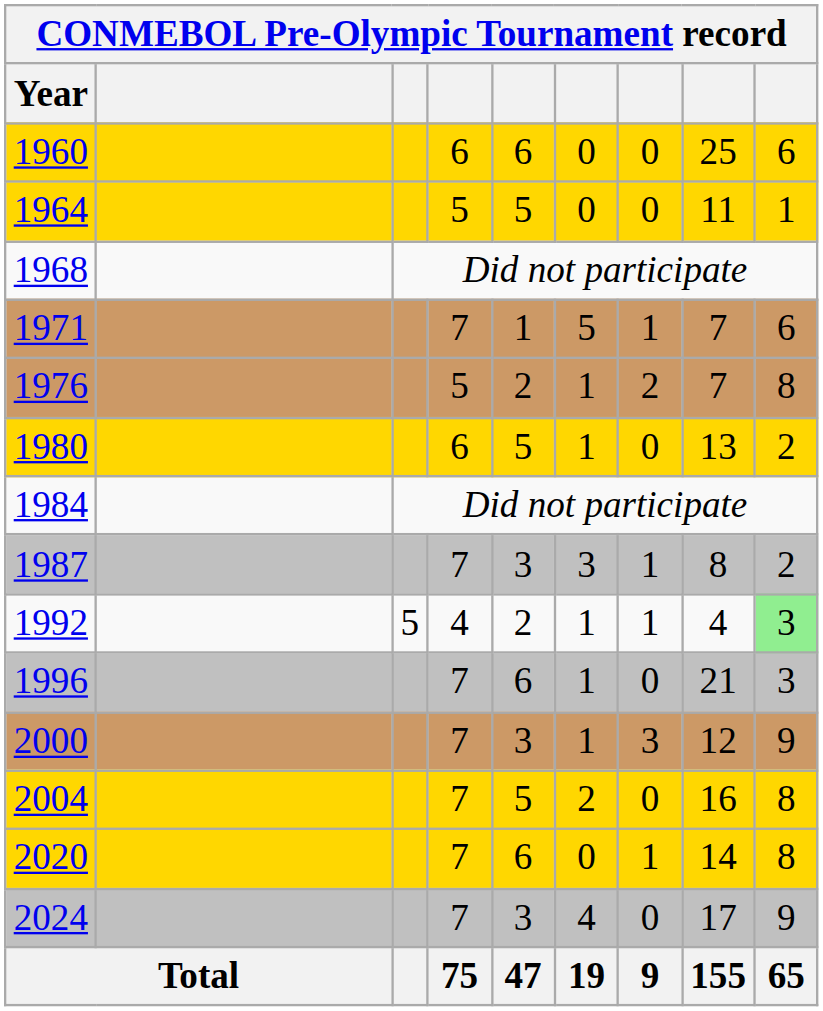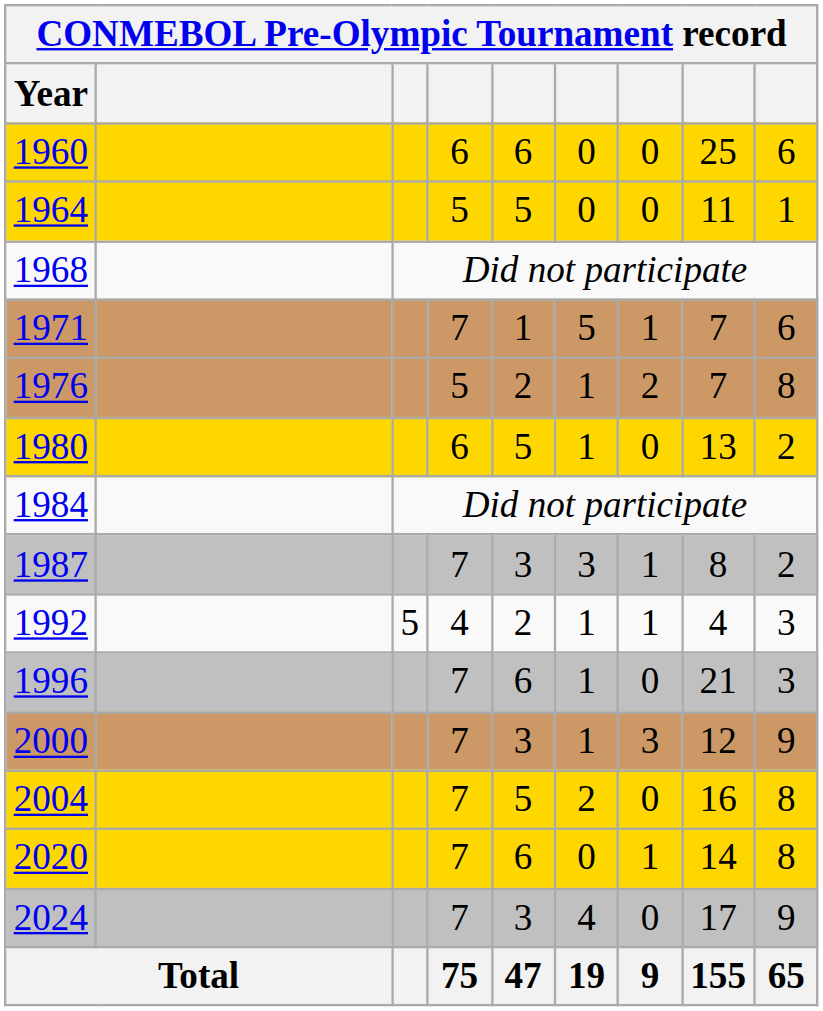 <table class="wikitable" style="text-align: center;">
 <tr>
 <th colspan=9><a href='#'>CONMEBOL Pre-Olympic Tournament</a> record</th>
 </tr>
 <tr>
 <th width=>Year</th>
 <th width=120px></th>
 <th width=></th>
 <th width=20px></th>
 <th width=20px></th>
 <th width=20px></th>
 <th width=20px></th>
 <th width=20px></th>
 <th width=20px></th>
 </tr>
 <tr bgcolor= gold>
 <td><a href='#'>1960</a></td>
 <td></td>
 <td></td>
 <td>6</td>
 <td>6</td>
 <td>0</td>
 <td>0</td>
 <td>25</td>
 <td>6</td>
 </tr>
 <tr bgcolor= gold>
 <td><a href='#'>1964</a></td>
 <td></td>
 <td></td>
 <td>5</td>
 <td>5</td>
 <td>0</td>
 <td>0</td>
 <td>11</td>
 <td>1</td>
 </tr>
 <tr>
 <td><a href='#'>1968</a></td>
 <td></td>
 <td colspan=7><em>Did not participate</em></td>
 </tr>
 <tr bgcolor = #c96>
 <td><a href='#'>1971</a></td>
 <td></td>
 <td></td>
 <td>7</td>
 <td>1</td>
 <td>5</td>
 <td>1</td>
 <td>7</td>
 <td>6</td>
 </tr>
 <tr bgcolor = #c96>
 <td><a href='#'>1976</a></td>
 <td></td>
 <td></td>
 <td>5</td>
 <td>2</td>
 <td>1</td>
 <td>2</td>
 <td>7</td>
 <td>8</td>
 </tr>
 <tr bgcolor=gold>
 <td><a href='#'>1980</a></td>
 <td></td>
 <td></td>
 <td>6</td>
 <td>5</td>
 <td>1</td>
 <td>0</td>
 <td>13</td>
 <td>2</td>
 </tr>
 <tr>
 <td><a href='#'>1984</a></td>
 <td align=left></td>
 <td colspan=7><em>Did not participate</em></td>
 </tr>
 <tr bgcolor= silver>
 <td><a href='#'>1987</a></td>
 <td align=left></td>
 <td></td>
 <td>7</td>
 <td>3</td>
 <td>3</td>
 <td>1</td>
 <td>8</td>
 <td>2</td>
 </tr>
 <tr>
 <td><a href='#'>1992</a></td>
 <td align=left></td>
 <td>5</td>
 <td>4</td>
 <td>2</td>
 <td>1</td>
 <td>1</td>
 <td>4</td>
-<td style="background: lightgreen;">3</td>
+<td>3</td>
 </tr>
 <tr style="background:Silver;">
 <td><a href='#'>1996</a></td>
 <td align=left></td>
 <td></td>
 <td>7</td>
 <td>6</td>
 <td>1</td>
 <td>0</td>
 <td>21</td>
 <td>3</td>
 </tr>
 <tr style="background:#c96;">
 <td><a href='#'>2000</a></td>
 <td align=left></td>
 <td></td>
 <td>7</td>
 <td>3</td>
 <td>1</td>
 <td>3</td>
 <td>12</td>
 <td>9</td>
 </tr>
 <tr style="background:Gold;">
 <td><a href='#'>2004</a></td>
 <td align=left></td>
 <td></td>
 <td>7</td>
 <td>5</td>
 <td>2</td>
 <td>0</td>
 <td>16</td>
 <td>8</td>
 </tr>
 <tr style="background:Gold;">
 <td><a href='#'>2020</a></td>
 <td align=left></td>
 <td></td>
 <td>7</td>
 <td>6</td>
 <td>0</td>
 <td>1</td>
 <td>14</td>
 <td>8</td>
 </tr>
 <tr style="background:Silver;">
 <td><a href='#'>2024</a></td>
 <td align=left></td>
 <td></td>
 <td>7</td>
 <td>3</td>
 <td>4</td>
 <td>0</td>
 <td>17</td>
 <td>9</td>
 </tr>
 <tr>
 <th colspan=2>Total</th>
 <th></th>
 <th>75</th>
 <th>47</th>
 <th>19</th>
 <th>9</th>
 <th>155</th>
 <th>65</th>
 </tr>
 </table>
